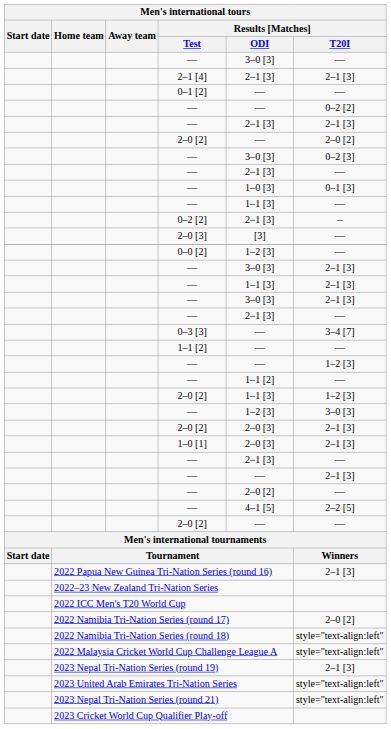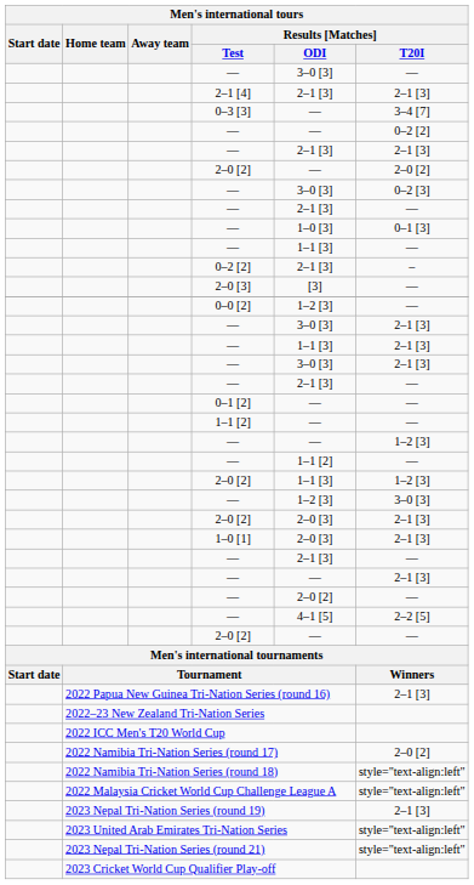 <table class="wikitable ubsortable" style="text-align:center; white-space:nowrap">
 <tr>
 <th colspan=6>Men's international tours</th>
 </tr>
 <tr>
 <th rowspan=2>Start date</th>
 <th rowspan=2>Home team</th>
 <th rowspan=2>Away team</th>
 <th colspan=3>Results [Matches]</th>
 </tr>
 <tr>
 <th width=100><a href='#'>Test</a></th>
 <th width=100><a href='#'>ODI</a></th>
 <th width=100><a href='#'>T20I</a></th>
 </tr>
 <tr>
 <td style="text-align:left"><a href='#'></a></td>
 <td style="text-align:left"></td>
 <td style="text-align:left"></td>
 <td>—</td>
 <td>3–0 [3]</td>
 <td>—</td>
 </tr>
 <tr>
 <td style="text-align:left"><a href='#'></a></td>
 <td style="text-align:left"></td>
 <td style="text-align:left"></td>
 <td>2–1 [4]</td>
 <td>2–1 [3]</td>
 <td>2–1 [3]</td>
 </tr>
 <tr>
 <td style="text-align:left"><a href='#'></a></td>
 <td style="text-align:left"></td>
 <td style="text-align:left"></td>
-<td>0–1 [2]</td>
+<td>0–3 [3]</td>
 <td>—</td>
-<td>—</td>
+<td>3–4 [7]</td>
 </tr>
 <tr>
 <td style="text-align:left"><a href='#'></a></td>
 <td style="text-align:left"></td>
 <td style="text-align:left"></td>
 <td>—</td>
 <td>—</td>
 <td>0–2 [2]</td>
 </tr>
 <tr>
 <td style="text-align:left"><a href='#'></a></td>
 <td style="text-align:left"></td>
 <td style="text-align:left"></td>
 <td>—</td>
 <td>2–1 [3]</td>
 <td>2–1 [3]</td>
 </tr>
 <tr>
 <td style="text-align:left"><a href='#'></a></td>
 <td style="text-align:left"></td>
 <td style="text-align:left"></td>
 <td>2–0 [2]</td>
 <td>—</td>
 <td>2–0 [2]</td>
 </tr>
 <tr>
 <td style="text-align:left"><a href='#'></a></td>
 <td style="text-align:left"></td>
 <td style="text-align:left"></td>
 <td>—</td>
 <td>3–0 [3]</td>
 <td>0–2 [3]</td>
 </tr>
 <tr>
 <td style="text-align:left"><a href='#'></a></td>
 <td style="text-align:left"></td>
 <td style="text-align:left"></td>
 <td>—</td>
 <td>2–1 [3]</td>
 <td>—</td>
 </tr>
 <tr>
 <td style="text-align:left"><a href='#'></a></td>
 <td style="text-align:left"></td>
 <td style="text-align:left"></td>
 <td>—</td>
 <td>1–0 [3]</td>
 <td>0–1 [3]</td>
 </tr>
 <tr>
 <td style="text-align:left"><a href='#'></a></td>
 <td style="text-align:left"></td>
 <td style="text-align:left"></td>
 <td>—</td>
 <td>1–1 [3]</td>
 <td>—</td>
 </tr>
 <tr>
 <td style="text-align:left"><a href='#'></a></td>
 <td style="text-align:left"></td>
 <td style="text-align:left"></td>
 <td>0–2 [2]</td>
 <td>2–1 [3]</td>
 <td>–</td>
 </tr>
 <tr>
 <td style="text-align:left"><a href='#'></a></td>
 <td style="text-align:left"></td>
 <td style="text-align:left"></td>
 <td>2–0 [3]</td>
 <td>[3]</td>
 <td>—</td>
 </tr>
 <tr>
 </tr>
 <tr>
 <td style="text-align:left"><a href='#'></a></td>
 <td style="text-align:left"></td>
 <td style="text-align:left"></td>
 <td>0–0 [2]</td>
 <td>1–2 [3]</td>
 <td>—</td>
 </tr>
 <tr>
 <td style="text-align:left"><a href='#'></a></td>
 <td style="text-align:left"></td>
 <td style="text-align:left"></td>
 <td>—</td>
 <td>3–0 [3]</td>
 <td>2–1 [3]</td>
 </tr>
 <tr>
 <td style="text-align:left"><a href='#'></a></td>
 <td style="text-align:left"></td>
 <td style="text-align:left"></td>
 <td>—</td>
 <td>1–1 [3]</td>
 <td>2–1 [3]</td>
 </tr>
 <tr>
 <td style="text-align:left"><a href='#'></a></td>
 <td style="text-align:left"></td>
 <td style="text-align:left"></td>
 <td>—</td>
 <td>3–0 [3]</td>
 <td>2–1 [3]</td>
 </tr>
 <tr>
 <td style="text-align:left"><a href='#'></a></td>
 <td style="text-align:left"></td>
 <td style="text-align:left"></td>
 <td>—</td>
 <td>2–1 [3]</td>
 <td>—</td>
 </tr>
 <tr>
 <td style="text-align:left"><a href='#'></a></td>
 <td style="text-align:left"></td>
 <td style="text-align:left"></td>
-<td>0–3 [3]</td>
+<td>0–1 [2]</td>
 <td>—</td>
-<td>3–4 [7]</td>
+<td>—</td>
 </tr>
 <tr>
 <td style="text-align:left"><a href='#'></a></td>
 <td style="text-align:left"></td>
 <td style="text-align:left"></td>
 <td>1–1 [2]</td>
 <td>—</td>
 <td>—</td>
 </tr>
 <tr>
 <td style="text-align:left"><a href='#'></a></td>
 <td style="text-align:left"></td>
 <td style="text-align:left"></td>
 <td>—</td>
 <td>—</td>
 <td>1–2 [3]</td>
 </tr>
 <tr>
 <td style="text-align:left"><a href='#'></a></td>
 <td style="text-align:left"></td>
 <td style="text-align:left"></td>
 <td>—</td>
 <td>1–1 [2]</td>
 <td>—</td>
 </tr>
 <tr>
 <td style="text-align:left"><a href='#'></a></td>
 <td style="text-align:left"></td>
 <td style="text-align:left"></td>
 <td>2–0 [2]</td>
 <td>1–1 [3]</td>
 <td>1–2 [3]</td>
 </tr>
 <tr>
 <td style="text-align:left"><a href='#'></a></td>
 <td style="text-align:left"></td>
 <td style="text-align:left"></td>
 <td>—</td>
 <td>1–2 [3]</td>
 <td>3–0 [3]</td>
 </tr>
 <tr>
 <td style="text-align:left"><a href='#'></a></td>
 <td style="text-align:left"></td>
 <td style="text-align:left"></td>
 <td>2–0 [2]</td>
 <td>2–0 [3]</td>
 <td>2–1 [3]</td>
 </tr>
 <tr>
 <td style="text-align:left"><a href='#'></a></td>
 <td style="text-align:left"></td>
 <td style="text-align:left"></td>
 <td>1–0 [1]</td>
 <td>2–0 [3]</td>
 <td>2–1 [3]</td>
 </tr>
 <tr>
 <td style="text-align:left"><a href='#'></a></td>
 <td style="text-align:left"></td>
 <td style="text-align:left"></td>
 <td>—</td>
 <td>2–1 [3]</td>
 <td>—</td>
 </tr>
 <tr>
 <td style="text-align:left"><a href='#'></a></td>
 <td style="text-align:left"> </td>
 <td style="text-align:left"></td>
 <td>—</td>
 <td>—</td>
 <td>2–1 [3]</td>
 </tr>
 <tr>
 <td style="text-align:left"><a href='#'></a></td>
 <td style="text-align:left"></td>
 <td style="text-align:left"></td>
 <td>—</td>
 <td>2–0 [2]</td>
 <td>—</td>
 </tr>
 <tr>
 <td style="text-align:left"><a href='#'></a></td>
 <td style="text-align:left"></td>
 <td style="text-align:left"></td>
 <td>—</td>
 <td>4–1 [5]</td>
 <td>2–2 [5]</td>
 </tr>
 <tr>
 <td style="text-align:left"><a href='#'></a></td>
 <td style="text-align:left"></td>
 <td style="text-align:left"></td>
 <td>2–0 [2]</td>
 <td>—</td>
 <td>—</td>
 </tr>
 <tr>
 <th colspan=6>Men's international tournaments</th>
 </tr>
 <tr>
 <th>Start date</th>
 <th colspan=4>Tournament</th>
 <th>Winners</th>
 </tr>
 <tr>
 <td style="text-align:left"><a href='#'></a></td>
 <td style="text-align:left" colspan=4> <a href='#'>2022 Papua New Guinea Tri-Nation Series (round 16)</a></td>
 <td>2–1 [3]</td>
 </tr>
 <tr>
 <td style="text-align:left"><a href='#'></a></td>
 <td style="text-align:left" colspan=4> <a href='#'>2022–23 New Zealand Tri-Nation Series</a></td>
 <td style="text-align:left"></td>
 </tr>
 <tr>
 <td style="text-align:left"><a href='#'></a></td>
 <td style="text-align:left" colspan=4> <a href='#'>2022 ICC Men's T20 World Cup</a></td>
 <td style="text-align:left"></td>
 </tr>
 <tr>
 <td style="text-align:left"><a href='#'></a></td>
 <td style="text-align:left" colspan=4> <a href='#'>2022 Namibia Tri-Nation Series (round 17)</a></td>
 <td>2–0 [2]</td>
 </tr>
 <tr>
 <td style="text-align:left"><a href='#'></a></td>
 <td style="text-align:left" colspan=4> <a href='#'>2022 Namibia Tri-Nation Series (round 18)</a></td>
 <td>style="text-align:left" </td>
 </tr>
 <tr>
 <td style="text-align:left"><a href='#'></a></td>
 <td style="text-align:left" colspan=4> <a href='#'>2022 Malaysia Cricket World Cup Challenge League A</a></td>
 <td>style="text-align:left" </td>
 </tr>
 <tr>
 <td style="text-align:left"><a href='#'></a></td>
 <td style="text-align:left" colspan=4> <a href='#'>2023 Nepal Tri-Nation Series (round 19)</a></td>
 <td>2–1 [3]</td>
 </tr>
 <tr>
 <td style="text-align:left"><a href='#'></a></td>
 <td style="text-align:left" colspan=4> <a href='#'>2023 United Arab Emirates Tri-Nation Series</a></td>
 <td>style="text-align:left" </td>
 </tr>
 <tr>
 <td style="text-align:left"><a href='#'></a></td>
 <td style="text-align:left" colspan=4> <a href='#'>2023 Nepal Tri-Nation Series (round 21)</a></td>
 <td>style="text-align:left" </td>
 </tr>
 <tr>
 <td style="text-align:left"><a href='#'></a></td>
 <td style="text-align:left" colspan=4> <a href='#'>2023 Cricket World Cup Qualifier Play-off</a></td>
 <td style="text-align:left"></td>
 </tr>
 </table>
